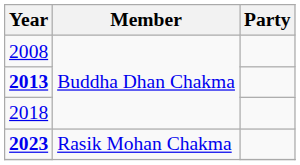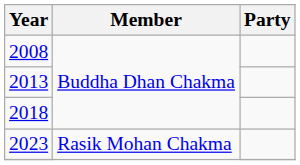 <table class="wikitable sortable">
 <tr>
 <th>Year</th>
 <th>Member</th>
 <th colspan="2">Party</th>
 </tr>
 <tr>
 <td><a href='#'>2008</a></td>
 <td rowspan=3><a href='#'>Buddha Dhan Chakma</a></td>
 <td></td>
 </tr>
 <tr>
-<td><strong><a href='#'>2013</a></strong></td>
+<td><a href='#'>2013</a></td>
 </tr>
 <tr>
 <td><a href='#'>2018</a></td>
 <td></td>
 </tr>
 <tr>
-<td><strong><a href='#'>2023</a></strong></td>
+<td><a href='#'>2023</a></td>
 <td rowspan=3><a href='#'>Rasik Mohan Chakma</a></td>
 <td></td>
 </tr>
 <tr>
 </tr>
 </table>
